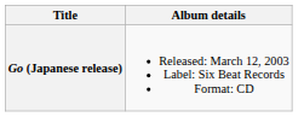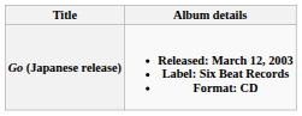 <table class="wikitable plainrowheaders" style="text-align:center">
 <tr>
 <th scope="col">Title</th>
 <th>Album details</th>
 </tr>
 <tr>
 <th scope="row"><em>Go</em> (Japanese release)</th>
-<td><br><ul><li>Released: March 12, 2003</li><li>Label: Six Beat Records</li><li>Format: CD</li></ul></td>
+<td><strong><br><ul><li>Released: March 12, 2003</li><li>Label: Six Beat Records</li><li>Format: CD</li></ul></strong></td>
 </tr>
 </table>
